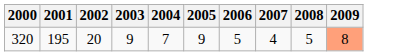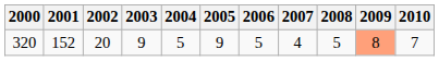 <table class="wikitable sortable" style="text-align:center">
 <tr>
 <th>2000</th>
 <th>2001</th>
 <th>2002</th>
 <th>2003</th>
 <th>2004</th>
 <th>2005</th>
 <th>2006</th>
 <th>2007</th>
 <th>2008</th>
 <th>2009</th>
+<th>2010</th>
 </tr>
 <tr>
 <td>320</td>
-<td>195</td>
+<td>152</td>
 <td>20</td>
 <td>9</td>
-<td>7</td>
+<td>5</td>
 <td>9</td>
 <td>5</td>
 <td>4</td>
 <td>5</td>
 <td style="background: lightsalmon;">8</td>
+<td>7</td>
 </tr>
 </table>
